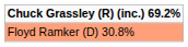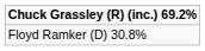 <table class="wikitable">
 <tr>
 <td><strong>Chuck Grassley (R) (inc.) 69.2%</strong></td>
 </tr>
 <tr>
-<td style="background: lightsalmon;">Floyd Ramker (D) 30.8%</td>
+<td>Floyd Ramker (D) 30.8%</td>
 </tr>
 </table>
